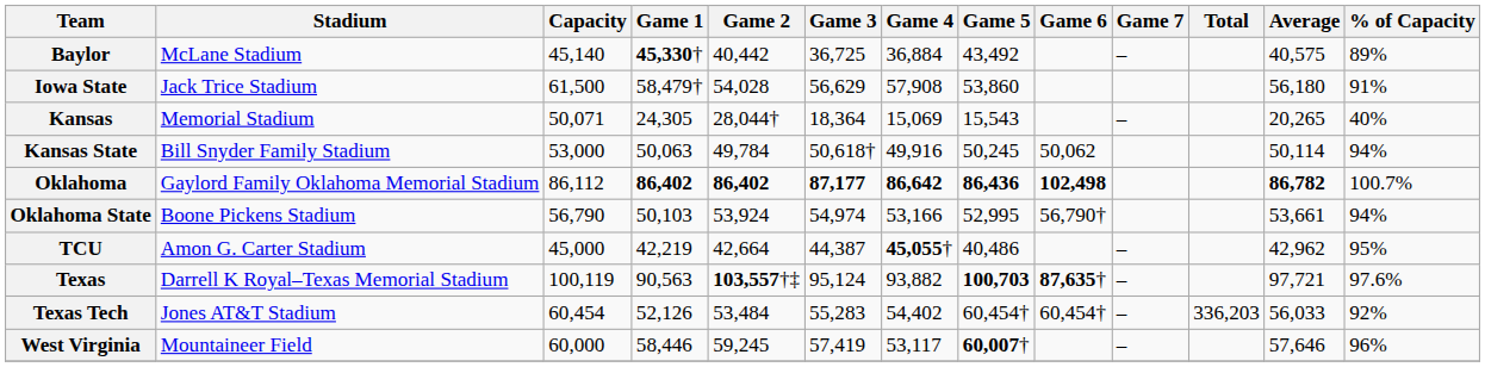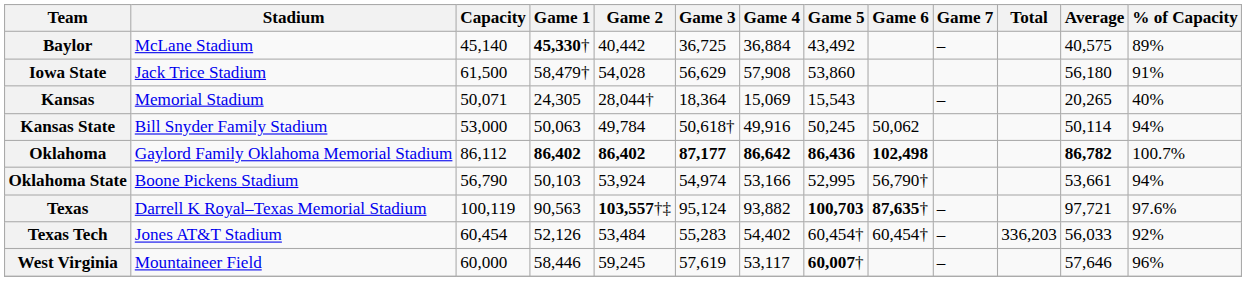 <table class="wikitable sortable">
 <tr>
 <th>Team</th>
 <th>Stadium</th>
 <th>Capacity</th>
 <th>Game 1</th>
 <th>Game 2</th>
 <th>Game 3</th>
 <th>Game 4</th>
 <th>Game 5</th>
 <th>Game 6</th>
 <th>Game 7</th>
 <th>Total</th>
 <th>Average</th>
 <th>% of Capacity</th>
 </tr>
 <tr>
 <th>Baylor</th>
 <td><a href='#'>McLane Stadium</a></td>
 <td>45,140</td>
 <td><strong>45,330</strong>†</td>
 <td>40,442</td>
 <td>36,725</td>
 <td>36,884</td>
 <td>43,492</td>
 <td></td>
 <td>–</td>
 <td></td>
 <td>40,575</td>
 <td>89%</td>
 </tr>
 <tr>
 <th>Iowa State</th>
 <td><a href='#'>Jack Trice Stadium</a></td>
 <td>61,500</td>
 <td>58,479†</td>
 <td>54,028</td>
 <td>56,629</td>
 <td>57,908</td>
 <td>53,860</td>
 <td></td>
 <td></td>
 <td></td>
 <td>56,180</td>
 <td>91%</td>
 </tr>
 <tr>
 <th>Kansas</th>
 <td><a href='#'>Memorial Stadium</a></td>
 <td>50,071</td>
 <td>24,305</td>
 <td>28,044†</td>
 <td>18,364</td>
 <td>15,069</td>
 <td>15,543</td>
 <td></td>
 <td>–</td>
 <td></td>
 <td>20,265</td>
 <td>40%</td>
 </tr>
 <tr>
 <th>Kansas State</th>
 <td><a href='#'>Bill Snyder Family Stadium</a></td>
 <td>53,000</td>
 <td>50,063</td>
 <td>49,784</td>
 <td>50,618†</td>
 <td>49,916</td>
 <td>50,245</td>
 <td>50,062</td>
 <td></td>
 <td></td>
 <td>50,114</td>
 <td>94%</td>
 </tr>
 <tr>
 <th>Oklahoma</th>
 <td><a href='#'>Gaylord Family Oklahoma Memorial Stadium</a></td>
 <td>86,112</td>
 <td><strong>86,402</strong></td>
 <td><strong>86,402</strong></td>
 <td><strong>87,177</strong></td>
 <td><strong>86,642</strong></td>
 <td><strong>86,436</strong></td>
 <td><strong>102,498</strong></td>
 <td></td>
 <td></td>
 <td><strong>86,782</strong></td>
 <td>100.7%</td>
 </tr>
 <tr>
 <th>Oklahoma State</th>
 <td><a href='#'>Boone Pickens Stadium</a></td>
 <td>56,790</td>
 <td>50,103</td>
 <td>53,924</td>
 <td>54,974</td>
 <td>53,166</td>
 <td>52,995</td>
 <td>56,790†</td>
 <td></td>
 <td></td>
 <td>53,661</td>
 <td>94%</td>
 </tr>
 <tr>
-<th>TCU</th>
-<td><a href='#'>Amon G. Carter Stadium</a></td>
-<td>45,000</td>
-<td>42,219</td>
-<td>42,664</td>
-<td>44,387</td>
-<td><strong>45,055</strong>†</td>
-<td>40,486</td>
-<td></td>
-<td>–</td>
-<td></td>
-<td>42,962</td>
-<td>95%</td>
-</tr>
-<tr>
 <th>Texas</th>
 <td><a href='#'>Darrell K Royal–Texas Memorial Stadium</a></td>
 <td>100,119</td>
 <td>90,563</td>
 <td><strong>103,557</strong>†‡</td>
 <td>95,124</td>
 <td>93,882</td>
 <td><strong>100,703</strong></td>
 <td><strong>87,635</strong>†</td>
 <td>–</td>
 <td></td>
 <td>97,721</td>
 <td>97.6%</td>
 </tr>
 <tr>
 <th>Texas Tech</th>
 <td><a href='#'>Jones AT&T Stadium</a></td>
 <td>60,454</td>
 <td>52,126</td>
 <td>53,484</td>
 <td>55,283</td>
 <td>54,402</td>
 <td>60,454†</td>
 <td>60,454†</td>
 <td>–</td>
 <td>336,203</td>
 <td>56,033</td>
 <td>92%</td>
 </tr>
 <tr>
 <th>West Virginia</th>
 <td><a href='#'>Mountaineer Field</a></td>
 <td>60,000</td>
 <td>58,446</td>
 <td>59,245</td>
-<td>57,419</td>
+<td>57,619</td>
 <td>53,117</td>
 <td><strong>60,007</strong>†</td>
 <td></td>
 <td>–</td>
 <td></td>
 <td>57,646</td>
 <td>96%</td>
 </tr>
 <tr>
 </tr>
 </table>
